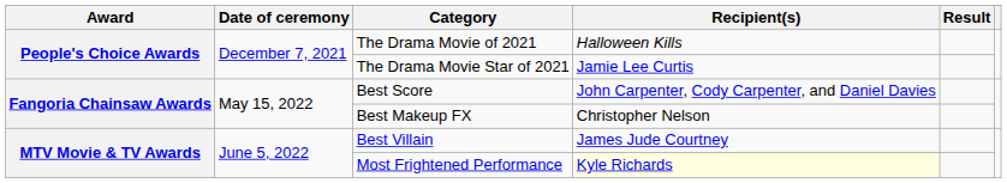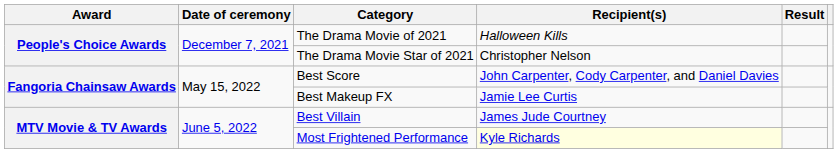 <table class="wikitable plainrowheaders sortable">
 <tr>
 <th scope="col">Award</th>
 <th scope="col">Date of ceremony</th>
 <th scope="col">Category</th>
 <th scope="col">Recipient(s)</th>
 <th scope="col">Result</th>
 <th scope="col" class="unsortable"></th>
 </tr>
 <tr>
 <th scope="row" rowspan="2"><a href='#'>People's Choice Awards</a></th>
 <td rowspan="2"><a href='#'>December 7, 2021</a></td>
 <td>The Drama Movie of 2021</td>
 <td><em>Halloween Kills</em></td>
 <td></td>
 <td style="text-align:center;" rowspan="2"></td>
 </tr>
 <tr>
 <td>The Drama Movie Star of 2021</td>
-<td><a href='#'>Jamie Lee Curtis</a></td>
+<td>Christopher Nelson</td>
 <td></td>
 </tr>
 <tr>
 <th rowspan="2" scope="row"><a href='#'>Fangoria Chainsaw Awards</a></th>
 <td rowspan="2">May 15, 2022</td>
 <td>Best Score</td>
 <td><a href='#'>John Carpenter</a>, <a href='#'>Cody Carpenter</a>, and <a href='#'>Daniel Davies</a></td>
 <td></td>
 <td rowspan="2" style="text-align: center;"></td>
 </tr>
 <tr>
 <td>Best Makeup FX</td>
-<td>Christopher Nelson</td>
+<td><a href='#'>Jamie Lee Curtis</a></td>
 <td></td>
 </tr>
 <tr>
 <th rowspan="2" scope="row"><a href='#'>MTV Movie & TV Awards</a></th>
 <td rowspan="2"><a href='#'>June 5, 2022</a></td>
 <td><a href='#'>Best Villain</a></td>
 <td><a href='#'>James Jude Courtney</a></td>
 <td></td>
 <td rowspan="2" style="text-align: center;"></td>
 </tr>
 <tr>
 <td><a href='#'>Most Frightened Performance</a></td>
 <td style="background: lightyellow;"><a href='#'>Kyle Richards</a></td>
 <td></td>
 </tr>
 </table>
